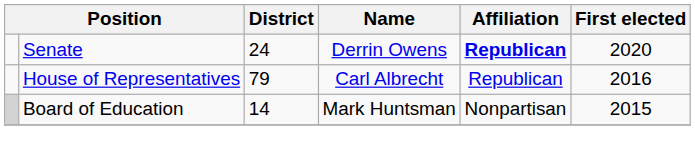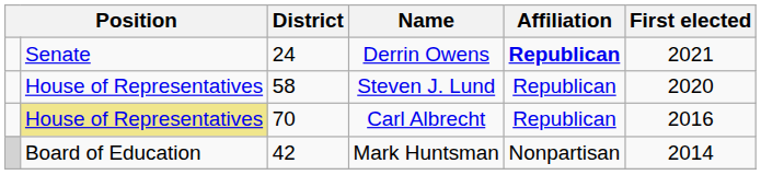 <table class="wikitable">
 <tr>
 <th colspan="2" style="text-align:center; vertical-align:bottom;">Position</th>
 <th>District</th>
 <th style="text-align:center;">Name</th>
 <th valign="bottom">Affiliation</th>
 <th style="vertical-align:bottom; text-align:center;">First elected</th>
 </tr>
 <tr>
 <td style="background-color:"> </td>
 <td><a href='#'>Senate</a></td>
 <td>24</td>
 <td style="text-align:center;"><a href='#'>Derrin Owens</a></td>
 <td style="text-align:center;"><strong><a href='#'>Republican</a></strong></td>
+<td style="text-align:center;">2021</td>
+</tr>
+<tr>
+<td style="background-color:"> </td>
+<td><a href='#'>House of Representatives</a></td>
+<td>58</td>
+<td style="text-align:center;"><a href='#'>Steven J. Lund</a></td>
+<td style="text-align:center;"><a href='#'>Republican</a></td>
 <td style="text-align:center;">2020</td>
 </tr>
 <tr>
 <td style="background-color:"> </td>
-<td><a href='#'>House of Representatives</a></td>
-<td>79</td>
+<td style="background: khaki;"><a href='#'>House of Representatives</a></td>
+<td>70</td>
 <td style="text-align:center;"><a href='#'>Carl Albrecht</a></td>
 <td style="text-align:center;"><a href='#'>Republican</a></td>
 <td style="text-align:center;">2016</td>
 </tr>
 <tr>
 <td style="background-color:lightgrey"> </td>
 <td>Board of Education</td>
-<td>14</td>
+<td>42</td>
 <td style="text-align:center;">Mark Huntsman</td>
 <td style="text-align:center;">Nonpartisan</td>
-<td style="text-align:center;">2015</td>
+<td style="text-align:center;">2014</td>
 </tr>
 <tr>
 </tr>
 </table>
